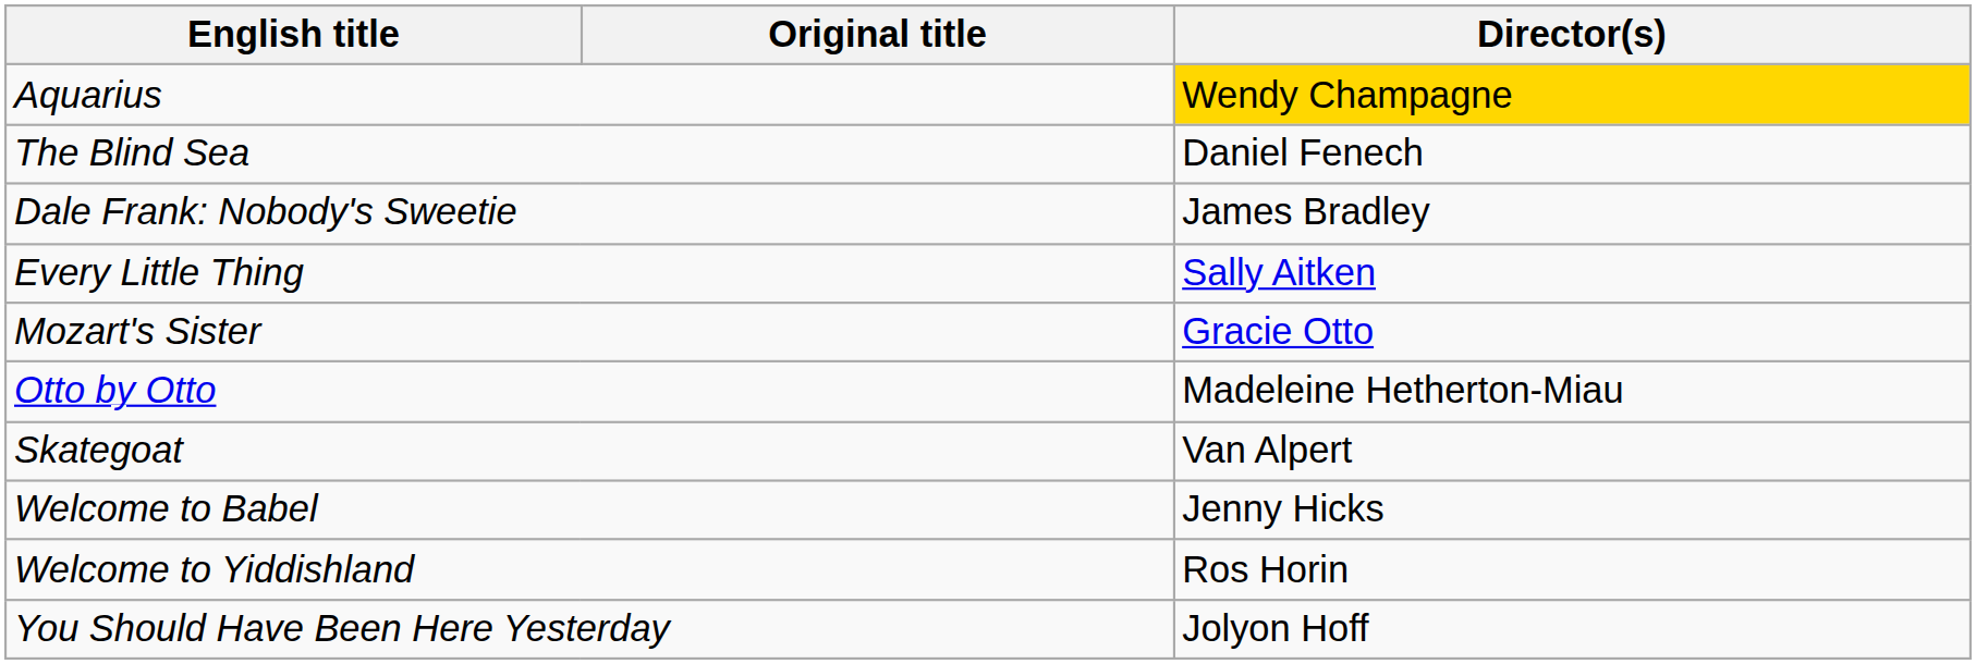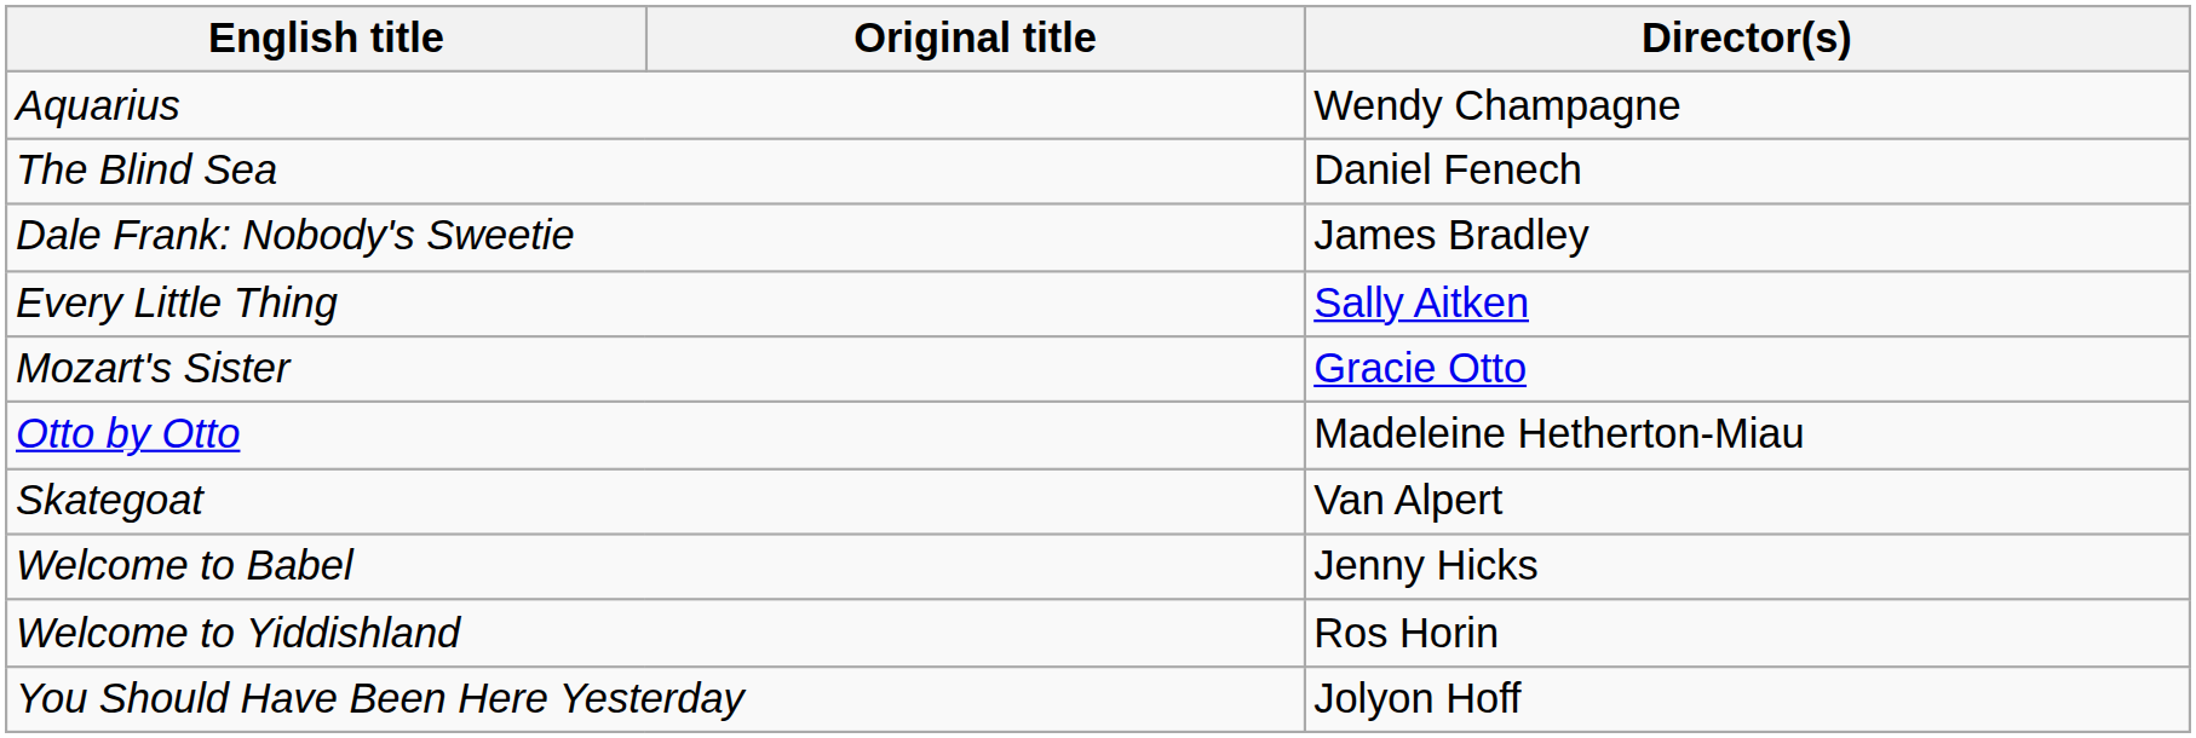 <table class="wikitable" style="width:95%; margin-bottom:2px">
 <tr>
 <th>English title</th>
 <th>Original title</th>
 <th>Director(s)</th>
 </tr>
 <tr>
 <td colspan=2><em>Aquarius</em></td>
-<td style="background: gold;">Wendy Champagne</td>
+<td>Wendy Champagne</td>
 </tr>
 <tr>
 <td colspan=2><em>The Blind Sea</em></td>
 <td>Daniel Fenech</td>
 </tr>
 <tr>
 <td colspan=2><em>Dale Frank: Nobody's Sweetie</em></td>
 <td>James Bradley</td>
 </tr>
 <tr>
 <td colspan=2><em>Every Little Thing</em></td>
 <td><a href='#'>Sally Aitken</a></td>
 </tr>
 <tr>
 <td colspan=2><em>Mozart's Sister</em></td>
 <td><a href='#'>Gracie Otto</a></td>
 </tr>
 <tr>
 <td colspan=2><em><a href='#'>Otto by Otto</a></em></td>
 <td>Madeleine Hetherton-Miau</td>
 </tr>
 <tr>
 <td colspan=2><em>Skategoat</em></td>
 <td>Van Alpert</td>
 </tr>
 <tr>
 <td colspan=2><em>Welcome to Babel</em></td>
 <td>Jenny Hicks</td>
 </tr>
 <tr>
 <td colspan=2><em>Welcome to Yiddishland</em></td>
 <td>Ros Horin</td>
 </tr>
 <tr>
 <td colspan=2><em>You Should Have Been Here Yesterday</em></td>
 <td>Jolyon Hoff</td>
 </tr>
 </table>
